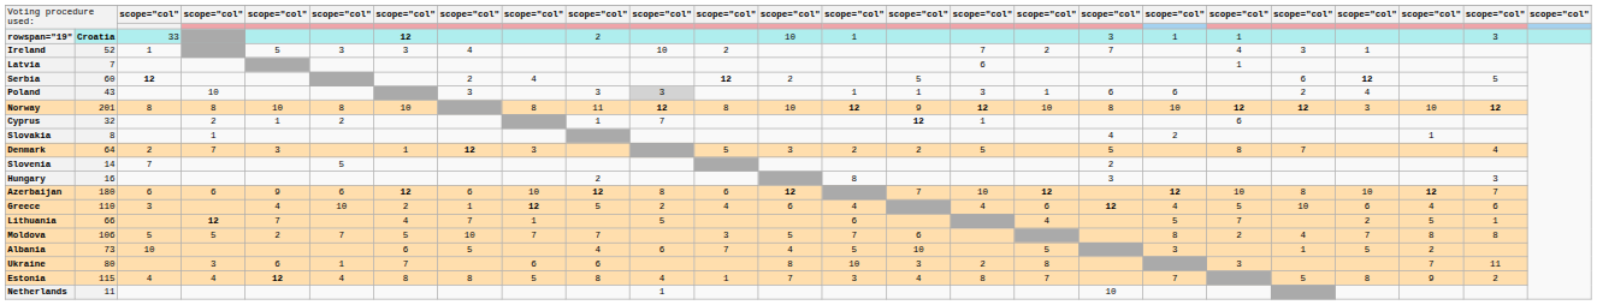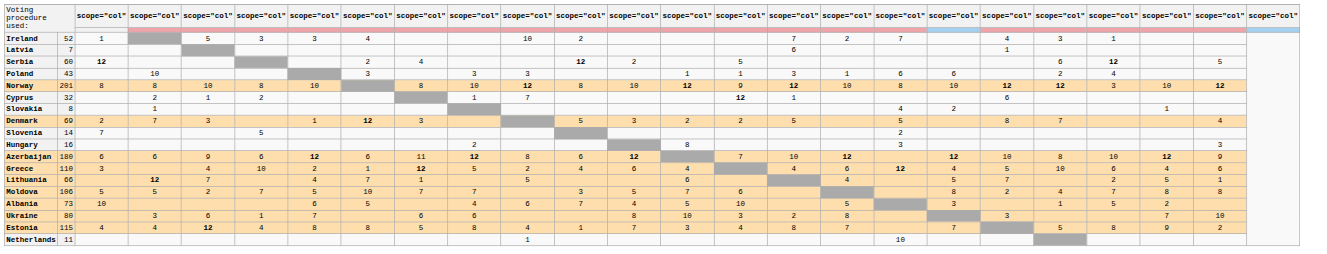 <table class="wikitable plainrowheaders" style="text-align:center; font-size:85%;">
 <tr>
 </tr>
 <tr>
 <td colspan="2" rowspan="2" style="text-align:left; background:#F2F2F2">Voting procedure used:<br></td>
 <th>scope="col" </th>
 <th>scope="col" </th>
 <th>scope="col" </th>
 <th>scope="col" </th>
 <th>scope="col" </th>
 <th>scope="col" </th>
 <th>scope="col" </th>
 <th>scope="col" </th>
 <th>scope="col" </th>
 <th>scope="col" </th>
 <th>scope="col" </th>
 <th>scope="col" </th>
 <th>scope="col" </th>
 <th>scope="col" </th>
 <th>scope="col" </th>
 <th>scope="col" </th>
 <th>scope="col" </th>
 <th>scope="col" </th>
 <th>scope="col" </th>
 <th>scope="col" </th>
 <th>scope="col" </th>
 <th>scope="col" </th>
 <th>scope="col" </th>
 </tr>
 <tr>
 <th style="height:2px; border-top:1px solid transparent;"></th>
 <td style="background:#EFA4A9;"></td>
 <td style="background:#EFA4A9;"></td>
 <td style="background:#EFA4A9;"></td>
 <td style="background:#EFA4A9;"></td>
 <td style="background:#EFA4A9;"></td>
 <td style="background:#EFA4A9;"></td>
 <td style="background:#EFA4A9;"></td>
 <td style="background:#EFA4A9;"></td>
 <td style="background:#EFA4A9;"></td>
 <td style="background:#EFA4A9;"></td>
 <td style="background:#EFA4A9;"></td>
 <td style="background:#EFA4A9;"></td>
 <td style="background:#EFA4A9;"></td>
 <td style="background:#EFA4A9;"></td>
 <td style="background:#EFA4A9;"></td>
 <td style="background:#A4D1EF;"></td>
 <td style="background:#EFA4A9;"></td>
 <td style="background:#EFA4A9;"></td>
 <td style="background:#EFA4A9;"></td>
 <td style="background:#EFA4A9;"></td>
 <td style="background:#EFA4A9;"></td>
 <td style="background:#A4D1EF;"></td>
-</tr>
-<tr style="background:paleturquoise;">
-<th>rowspan="19" </th>
-<th scope="row" style="text-align:left; font-weight:bold; background:paleturquoise;">Croatia </th>
-<td style="text-align:right;">33</td>
-<td style="text-align:left; background:#aaa;"></td>
-<td></td>
-<td></td>
-<td><strong>12</strong></td>
-<td></td>
-<td></td>
-<td>2</td>
-<td></td>
-<td></td>
-<td>10</td>
-<td>1</td>
-<td></td>
-<td></td>
-<td></td>
-<td>3</td>
-<td>1</td>
-<td>1</td>
-<td></td>
-<td></td>
-<td></td>
-<td>3</td>
-<td></td>
 </tr>
 <tr>
 <th scope="row" style="text-align:left; background:#f2f2f2;">Ireland</th>
 <td style="text-align:right; background:#f2f2f2;">52</td>
 <td>1</td>
 <td style="text-align:left; background:#aaa;"></td>
 <td>5</td>
 <td>3</td>
 <td>3</td>
 <td>4</td>
 <td></td>
 <td></td>
 <td>10</td>
 <td>2</td>
 <td></td>
 <td></td>
 <td></td>
 <td>7</td>
 <td>2</td>
 <td>7</td>
 <td></td>
 <td>4</td>
 <td>3</td>
 <td>1</td>
 <td></td>
 <td></td>
 </tr>
 <tr>
 <th scope="row" style="text-align:left; background:#f2f2f2;">Latvia</th>
 <td style="text-align:right; background:#f2f2f2;">7</td>
 <td></td>
 <td></td>
 <td style="text-align:left; background:#aaa;"></td>
 <td></td>
 <td></td>
 <td></td>
 <td></td>
 <td></td>
 <td></td>
 <td></td>
 <td></td>
 <td></td>
 <td></td>
 <td>6</td>
 <td></td>
 <td></td>
 <td></td>
 <td>1</td>
 <td></td>
 <td></td>
 <td></td>
 <td></td>
 </tr>
 <tr>
 <th scope="row" style="text-align:left; background:#f2f2f2;">Serbia</th>
 <td style="text-align:right; background:#f2f2f2;">60</td>
 <td><strong>12</strong></td>
 <td></td>
 <td></td>
 <td style="text-align:left; background:#aaa;"></td>
 <td></td>
 <td>2</td>
 <td>4</td>
 <td></td>
 <td></td>
 <td><strong>12</strong></td>
 <td>2</td>
 <td></td>
 <td>5</td>
 <td></td>
 <td></td>
 <td></td>
 <td></td>
 <td></td>
 <td>6</td>
 <td><strong>12</strong></td>
 <td></td>
 <td>5</td>
 </tr>
 <tr>
 <th scope="row" style="text-align:left; background:#f2f2f2;">Poland</th>
 <td style="text-align:right; background:#f2f2f2;">43</td>
 <td></td>
 <td>10</td>
 <td></td>
 <td></td>
 <td style="text-align:left; background:#aaa;"></td>
 <td>3</td>
 <td></td>
 <td>3</td>
-<td style="background: lightgrey;">3</td>
+<td>3</td>
 <td></td>
 <td></td>
 <td>1</td>
 <td>1</td>
 <td>3</td>
 <td>1</td>
 <td>6</td>
 <td>6</td>
 <td></td>
 <td>2</td>
 <td>4</td>
 <td></td>
 <td></td>
 </tr>
 <tr style="background:#ffdead;">
 <th scope="row" style="text-align:left; font-weight:bold; background:#ffdead;">Norway</th>
 <td style="text-align:right;">201</td>
 <td>8</td>
 <td>8</td>
 <td>10</td>
 <td>8</td>
 <td>10</td>
 <td style="text-align:left; background:#aaa;"></td>
 <td>8</td>
-<td>11</td>
+<td>10</td>
 <td><strong>12</strong></td>
 <td>8</td>
 <td>10</td>
 <td><strong>12</strong></td>
 <td>9</td>
 <td><strong>12</strong></td>
 <td>10</td>
 <td>8</td>
 <td>10</td>
 <td><strong>12</strong></td>
 <td><strong>12</strong></td>
 <td>3</td>
 <td>10</td>
 <td><strong>12</strong></td>
 </tr>
 <tr>
 <th scope="row" style="text-align:left; background:#f2f2f2;">Cyprus</th>
 <td style="text-align:right; background:#f2f2f2;">32</td>
 <td></td>
 <td>2</td>
 <td>1</td>
 <td>2</td>
 <td></td>
 <td></td>
 <td style="text-align:left; background:#aaa;"></td>
 <td>1</td>
 <td>7</td>
 <td></td>
 <td></td>
 <td></td>
 <td><strong>12</strong></td>
 <td>1</td>
 <td></td>
 <td></td>
 <td></td>
 <td>6</td>
 <td></td>
 <td></td>
 <td></td>
 <td></td>
 </tr>
 <tr>
 <th scope="row" style="text-align:left; background:#f2f2f2;">Slovakia</th>
 <td style="text-align:right; background:#f2f2f2;">8</td>
 <td></td>
 <td>1</td>
 <td></td>
 <td></td>
 <td></td>
 <td></td>
 <td></td>
 <td style="text-align:left; background:#aaa;"></td>
 <td></td>
 <td></td>
 <td></td>
 <td></td>
 <td></td>
 <td></td>
 <td></td>
 <td>4</td>
 <td>2</td>
 <td></td>
 <td></td>
 <td></td>
 <td>1</td>
 <td></td>
 </tr>
 <tr style="background:#ffdead;">
 <th scope="row" style="text-align:left; font-weight:bold; background:#ffdead;">Denmark</th>
-<td style="text-align:right;">64</td>
+<td style="text-align:right;">69</td>
 <td>2</td>
 <td>7</td>
 <td>3</td>
 <td></td>
 <td>1</td>
 <td><strong>12</strong></td>
 <td>3</td>
 <td></td>
 <td style="text-align:left; background:#aaa;"></td>
 <td>5</td>
 <td>3</td>
 <td>2</td>
 <td>2</td>
 <td>5</td>
 <td></td>
 <td>5</td>
 <td></td>
 <td>8</td>
 <td>7</td>
 <td></td>
 <td></td>
 <td>4</td>
 </tr>
 <tr>
 <th scope="row" style="text-align:left; background:#f2f2f2;">Slovenia</th>
 <td style="text-align:right; background:#f2f2f2;">14</td>
 <td>7</td>
 <td></td>
 <td></td>
 <td>5</td>
 <td></td>
 <td></td>
 <td></td>
 <td></td>
 <td></td>
 <td style="text-align:left; background:#aaa;"></td>
 <td></td>
 <td></td>
 <td></td>
 <td></td>
 <td></td>
 <td>2</td>
 <td></td>
 <td></td>
 <td></td>
 <td></td>
 <td></td>
 <td></td>
 </tr>
 <tr>
 <th scope="row" style="text-align:left; background:#f2f2f2;">Hungary</th>
 <td style="text-align:right; background:#f2f2f2;">16</td>
 <td></td>
 <td></td>
 <td></td>
 <td></td>
 <td></td>
 <td></td>
 <td></td>
 <td>2</td>
 <td></td>
 <td></td>
 <td style="text-align:left; background:#aaa;"></td>
 <td>8</td>
 <td></td>
 <td></td>
 <td></td>
 <td>3</td>
 <td></td>
 <td></td>
 <td></td>
 <td></td>
 <td></td>
 <td>3</td>
 </tr>
 <tr style="background:#ffdead;">
 <th scope="row" style="text-align:left; font-weight:bold; background:#ffdead;">Azerbaijan</th>
 <td style="text-align:right;">180</td>
 <td>6</td>
 <td>6</td>
 <td>9</td>
 <td>6</td>
 <td><strong>12</strong></td>
 <td>6</td>
-<td>10</td>
+<td>11</td>
 <td><strong>12</strong></td>
 <td>8</td>
 <td>6</td>
 <td><strong>12</strong></td>
 <td style="text-align:left; background:#aaa;"></td>
 <td>7</td>
 <td>10</td>
 <td><strong>12</strong></td>
 <td></td>
 <td><strong>12</strong></td>
 <td>10</td>
 <td>8</td>
 <td>10</td>
 <td><strong>12</strong></td>
-<td>7</td>
+<td>9</td>
 </tr>
 <tr style="background:#ffdead;">
 <th scope="row" style="text-align:left; font-weight:bold; background:#ffdead;">Greece</th>
 <td style="text-align:right;">110</td>
 <td>3</td>
 <td></td>
 <td>4</td>
 <td>10</td>
 <td>2</td>
 <td>1</td>
 <td><strong>12</strong></td>
 <td>5</td>
 <td>2</td>
 <td>4</td>
 <td>6</td>
 <td>4</td>
 <td style="text-align:left; background:#aaa;"></td>
 <td>4</td>
 <td>6</td>
 <td><strong>12</strong></td>
 <td>4</td>
 <td>5</td>
 <td>10</td>
 <td>6</td>
 <td>4</td>
 <td>6</td>
 </tr>
 <tr style="background:#ffdead;">
 <th scope="row" style="text-align:left; font-weight:bold; background:#ffdead;">Lithuania</th>
 <td style="text-align:right;">66</td>
 <td></td>
 <td><strong>12</strong></td>
 <td>7</td>
 <td></td>
 <td>4</td>
 <td>7</td>
 <td>1</td>
 <td></td>
 <td>5</td>
 <td></td>
 <td></td>
 <td>6</td>
 <td></td>
 <td style="text-align:left; background:#aaa;"></td>
 <td>4</td>
 <td></td>
 <td>5</td>
 <td>7</td>
 <td></td>
 <td>2</td>
 <td>5</td>
 <td>1</td>
 </tr>
 <tr style="background:#ffdead;">
 <th scope="row" style="text-align:left; font-weight:bold; background:#ffdead;">Moldova</th>
 <td style="text-align:right;">106</td>
 <td>5</td>
 <td>5</td>
 <td>2</td>
 <td>7</td>
 <td>5</td>
 <td>10</td>
 <td>7</td>
 <td>7</td>
 <td></td>
 <td>3</td>
 <td>5</td>
 <td>7</td>
 <td>6</td>
 <td></td>
 <td style="text-align:left; background:#aaa;"></td>
 <td></td>
 <td>8</td>
 <td>2</td>
 <td>4</td>
 <td>7</td>
 <td>8</td>
 <td>8</td>
 </tr>
 <tr style="background:#ffdead;">
 <th scope="row" style="text-align:left; font-weight:bold; background:#ffdead;">Albania</th>
 <td style="text-align:right;">73</td>
 <td>10</td>
 <td></td>
 <td></td>
 <td></td>
 <td>6</td>
 <td>5</td>
 <td></td>
 <td>4</td>
 <td>6</td>
 <td>7</td>
 <td>4</td>
 <td>5</td>
 <td>10</td>
 <td></td>
 <td>5</td>
 <td style="text-align:left; background:#aaa;"></td>
 <td>3</td>
 <td></td>
 <td>1</td>
 <td>5</td>
 <td>2</td>
 <td></td>
 </tr>
 <tr style="background:#ffdead;">
 <th scope="row" style="text-align:left; font-weight:bold; background:#ffdead;">Ukraine</th>
 <td style="text-align:right;">80</td>
 <td></td>
 <td>3</td>
 <td>6</td>
 <td>1</td>
 <td>7</td>
 <td></td>
 <td>6</td>
 <td>6</td>
 <td></td>
 <td></td>
 <td>8</td>
 <td>10</td>
 <td>3</td>
 <td>2</td>
 <td>8</td>
 <td></td>
 <td style="text-align:left; background:#aaa;"></td>
 <td>3</td>
 <td></td>
 <td></td>
 <td>7</td>
-<td>11</td>
+<td>10</td>
 </tr>
 <tr style="background:#ffdead;">
 <th scope="row" style="text-align:left; font-weight:bold; background:#ffdead;">Estonia</th>
 <td style="text-align:right;">115</td>
 <td>4</td>
 <td>4</td>
 <td><strong>12</strong></td>
 <td>4</td>
 <td>8</td>
 <td>8</td>
 <td>5</td>
 <td>8</td>
 <td>4</td>
 <td>1</td>
 <td>7</td>
 <td>3</td>
 <td>4</td>
 <td>8</td>
 <td>7</td>
 <td></td>
 <td>7</td>
 <td style="text-align:left; background:#aaa;"></td>
 <td>5</td>
 <td>8</td>
 <td>9</td>
 <td>2</td>
 </tr>
 <tr>
 <th scope="row" style="text-align:left; background:#f2f2f2;">Netherlands</th>
 <td style="text-align:right; background:#f2f2f2;">11</td>
 <td></td>
 <td></td>
 <td></td>
 <td></td>
 <td></td>
 <td></td>
 <td></td>
 <td></td>
 <td>1</td>
 <td></td>
 <td></td>
 <td></td>
 <td></td>
 <td></td>
 <td></td>
 <td>10</td>
 <td></td>
 <td></td>
 <td style="text-align:left; background:#aaa;"></td>
 <td></td>
 <td></td>
 <td></td>
 </tr>
 </table>
